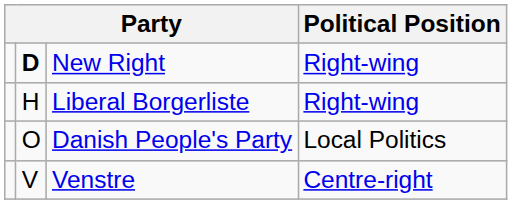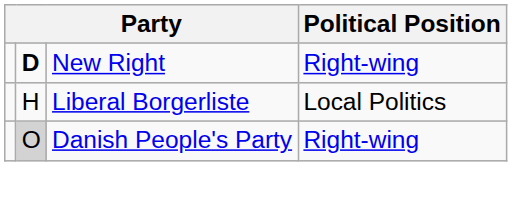 <table class="wikitable mw-collapsible mw-collapsed">
 <tr>
 <th colspan="3">Party</th>
 <th>Political Position</th>
 </tr>
 <tr>
 <td></td>
 <td><strong>D</strong></td>
 <td><a href='#'>New Right</a></td>
 <td><a href='#'>Right-wing</a></td>
 </tr>
 <tr>
 <td></td>
 <td>H</td>
 <td><a href='#'>Liberal Borgerliste</a></td>
-<td><a href='#'>Right-wing</a></td>
-</tr>
-<tr>
-<td></td>
-<td>O</td>
-<td><a href='#'>Danish People's Party</a></td>
 <td>Local Politics</td>
 </tr>
 <tr>
 <td></td>
-<td>V</td>
-<td><a href='#'>Venstre</a></td>
-<td><a href='#'>Centre-right</a></td>
+<td style="background: lightgrey;">O</td>
+<td><a href='#'>Danish People's Party</a></td>
+<td><a href='#'>Right-wing</a></td>
 </tr>
 </table>
